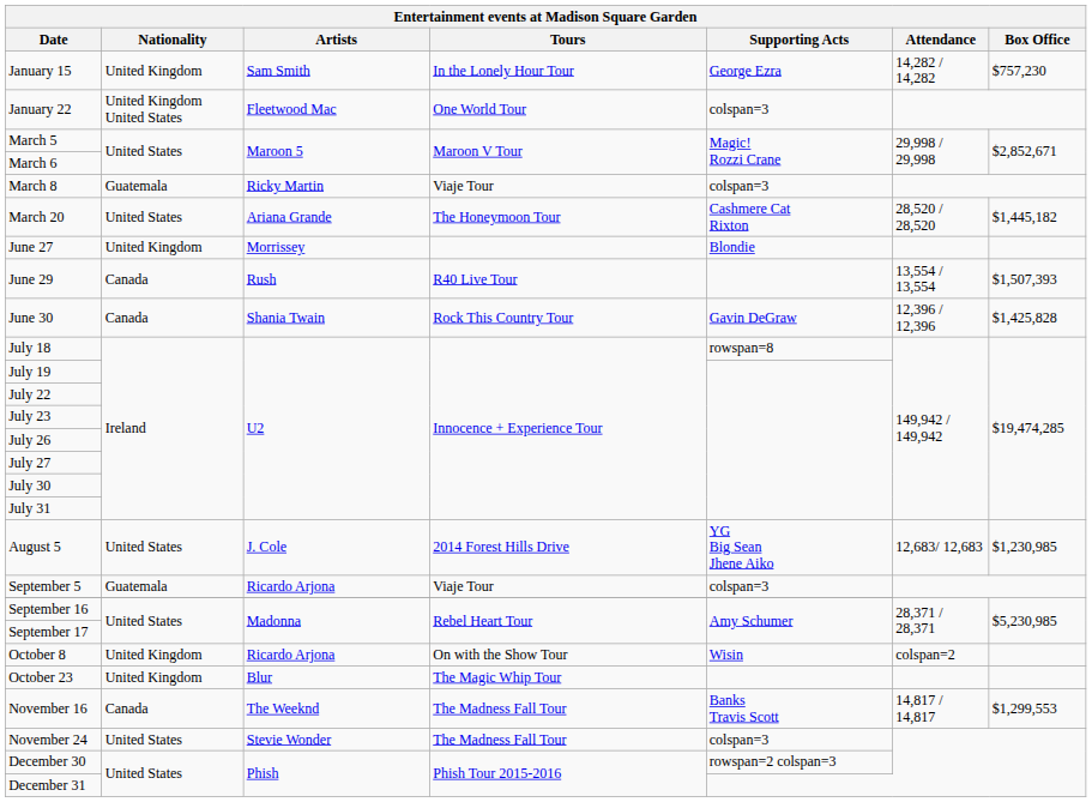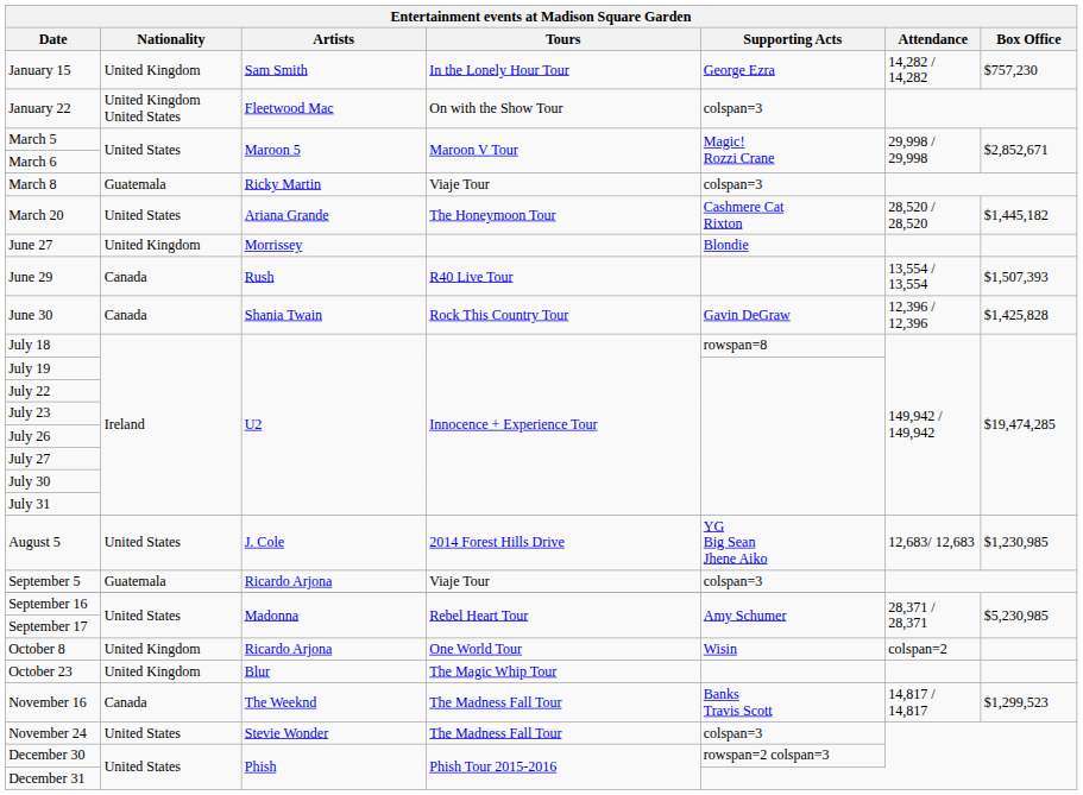 <table class="wikitable">
 <tr>
 <th colspan="7">Entertainment events at Madison Square Garden</th>
 </tr>
 <tr>
 <th width=100>Date</th>
 <th width=150>Nationality</th>
 <th width=200>Artists</th>
 <th width=300>Tours</th>
 <th width=200>Supporting Acts</th>
 <th width=100>Attendance</th>
 <th width=100>Box Office</th>
 </tr>
 <tr>
 <td>January 15</td>
 <td>United Kingdom</td>
 <td><a href='#'>Sam Smith</a></td>
 <td><a href='#'>In the Lonely Hour Tour</a></td>
 <td><a href='#'>George Ezra</a></td>
 <td>14,282 / 14,282</td>
 <td>$757,230</td>
 </tr>
 <tr>
 <td>January 22</td>
 <td>United Kingdom<br>United States</td>
 <td><a href='#'>Fleetwood Mac</a></td>
-<td><a href='#'>One World Tour</a></td>
+<td>On with the Show Tour</td>
 <td>colspan=3 </td>
 </tr>
 <tr>
 <td>March 5</td>
 <td rowspan=2>United States</td>
 <td rowspan=2><a href='#'>Maroon 5</a></td>
 <td rowspan=2><a href='#'>Maroon V Tour</a></td>
 <td rowspan=2><a href='#'>Magic!</a><br><a href='#'>Rozzi Crane</a></td>
 <td rowspan=2>29,998 / 29,998</td>
 <td rowspan=2>$2,852,671</td>
 </tr>
 <tr>
 <td>March 6</td>
 </tr>
 <tr>
 <td>March 8</td>
 <td>Guatemala</td>
 <td><a href='#'>Ricky Martin</a></td>
 <td>Viaje Tour</td>
 <td>colspan=3 </td>
 </tr>
 <tr>
 <td>March 20</td>
 <td>United States</td>
 <td><a href='#'>Ariana Grande</a></td>
 <td><a href='#'>The Honeymoon Tour</a></td>
 <td><a href='#'>Cashmere Cat</a><br><a href='#'>Rixton</a></td>
 <td>28,520 / 28,520</td>
 <td>$1,445,182</td>
 </tr>
 <tr>
 <td>June 27</td>
 <td>United Kingdom</td>
 <td><a href='#'>Morrissey</a></td>
 <td></td>
 <td><a href='#'>Blondie</a></td>
 <td></td>
 <td></td>
 </tr>
 <tr>
 <td>June 29</td>
 <td>Canada</td>
 <td><a href='#'>Rush</a></td>
 <td><a href='#'>R40 Live Tour</a></td>
 <td></td>
 <td>13,554 / 13,554</td>
 <td>$1,507,393</td>
 </tr>
 <tr>
 <td>June 30</td>
 <td>Canada</td>
 <td><a href='#'>Shania Twain</a></td>
 <td><a href='#'>Rock This Country Tour</a></td>
 <td><a href='#'>Gavin DeGraw</a></td>
 <td>12,396 / 12,396</td>
 <td>$1,425,828</td>
 </tr>
 <tr>
 <td>July 18</td>
 <td rowspan=8>Ireland</td>
 <td rowspan=8><a href='#'>U2</a></td>
 <td rowspan=8><a href='#'>Innocence + Experience Tour</a></td>
 <td>rowspan=8 </td>
 <td rowspan=8>149,942 / 149,942</td>
 <td rowspan=8>$19,474,285</td>
 </tr>
 <tr>
 <td>July 19</td>
 </tr>
 <tr>
 <td>July 22</td>
 </tr>
 <tr>
 <td>July 23</td>
 </tr>
 <tr>
 <td>July 26</td>
 </tr>
 <tr>
 <td>July 27</td>
 </tr>
 <tr>
 <td>July 30</td>
 </tr>
 <tr>
 <td>July 31</td>
 </tr>
 <tr>
 <td>August 5</td>
 <td rowspan=1>United States</td>
 <td rowspan=1><a href='#'>J. Cole</a></td>
 <td rowspan=1><a href='#'>2014 Forest Hills Drive</a></td>
 <td rowspan=1><a href='#'>YG</a><br><a href='#'>Big Sean</a><br><a href='#'>Jhene Aiko</a></td>
 <td rowspan=1>12,683/ 12,683</td>
 <td rowspan=1>$1,230,985</td>
 </tr>
 <tr>
 <td>September 5</td>
 <td>Guatemala</td>
 <td><a href='#'>Ricardo Arjona</a></td>
 <td>Viaje Tour</td>
 <td>colspan=3 </td>
 </tr>
 <tr>
 </tr>
 <tr>
 <td>September 16</td>
 <td rowspan=2>United States</td>
 <td rowspan=2><a href='#'>Madonna</a></td>
 <td rowspan=2><a href='#'>Rebel Heart Tour</a></td>
 <td rowspan=2><a href='#'>Amy Schumer</a></td>
 <td rowspan=2>28,371 / 28,371</td>
 <td rowspan=2>$5,230,985</td>
 </tr>
 <tr>
 <td>September 17</td>
 </tr>
 <tr>
 <td>October 8</td>
 <td>United Kingdom</td>
 <td><a href='#'>Ricardo Arjona</a></td>
-<td>On with the Show Tour</td>
+<td><a href='#'>One World Tour</a></td>
 <td><a href='#'>Wisin</a></td>
 <td>colspan=2 </td>
 </tr>
 <tr>
 <td>October 23</td>
 <td>United Kingdom</td>
 <td><a href='#'>Blur</a></td>
 <td><a href='#'>The Magic Whip Tour</a></td>
 <td></td>
 <td></td>
 <td></td>
 </tr>
 <tr>
 <td>November 16</td>
 <td>Canada</td>
 <td><a href='#'>The Weeknd</a></td>
 <td><a href='#'>The Madness Fall Tour</a></td>
 <td><a href='#'>Banks</a><br><a href='#'>Travis Scott</a></td>
 <td>14,817 / 14,817</td>
-<td>$1,299,553</td>
+<td>$1,299,523</td>
 </tr>
 <tr>
 <td>November 24</td>
 <td>United States</td>
 <td><a href='#'>Stevie Wonder</a></td>
 <td><a href='#'>The Madness Fall Tour</a></td>
 <td>colspan=3 </td>
 </tr>
 <tr>
 <td>December 30</td>
 <td rowspan=2>United States</td>
 <td rowspan=2><a href='#'>Phish</a></td>
 <td rowspan=2><a href='#'>Phish Tour 2015-2016</a></td>
 <td>rowspan=2 colspan=3 </td>
 </tr>
 <tr>
 <td>December 31</td>
 </tr>
 </table>
